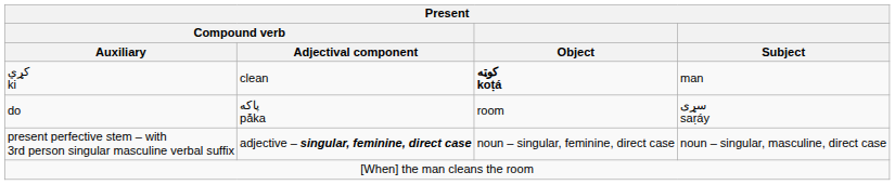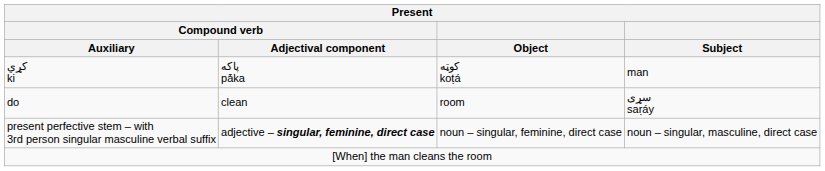 <table class="wikitable">
 <tr>
 <th colspan="4">Present</th>
 </tr>
 <tr>
 <th colspan="2">Compound verb</th>
 <th></th>
 <th></th>
 </tr>
 <tr>
 <th>Auxiliary</th>
 <th>Adjectival component</th>
 <th>Object</th>
 <th>Subject</th>
 </tr>
 <tr>
 <td>كړي<br>ki</td>
-<td>clean</td>
-<td><strong>کوټه<br>koṭá</strong></td>
+<td>پاکه<br>pā́ka</td>
+<td>کوټه<br>koṭá</td>
 <td>man</td>
 </tr>
 <tr>
 <td>do</td>
-<td>پاکه<br>pā́ka</td>
+<td>clean</td>
 <td>room</td>
 <td>سړی<br>saṛáy</td>
 </tr>
 <tr>
 <td>present perfective stem – with<br>3rd person singular masculine verbal suffix</td>
 <td>adjective – <strong><em>singular, feminine<em>,<strong> direct case</td>
 <td>noun – </em></strong>singular, feminine</strong>,</em> direct case</td>
 <td>noun – singular, masculine, direct case</td>
 </tr>
 <tr>
 <td colspan="4" style="text-align:center;">[When] the man cleans the room</td>
 </tr>
 </table>
